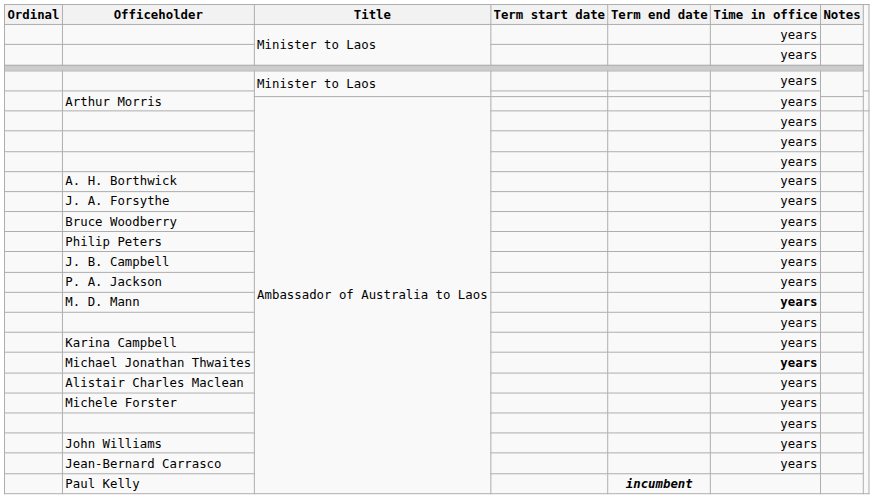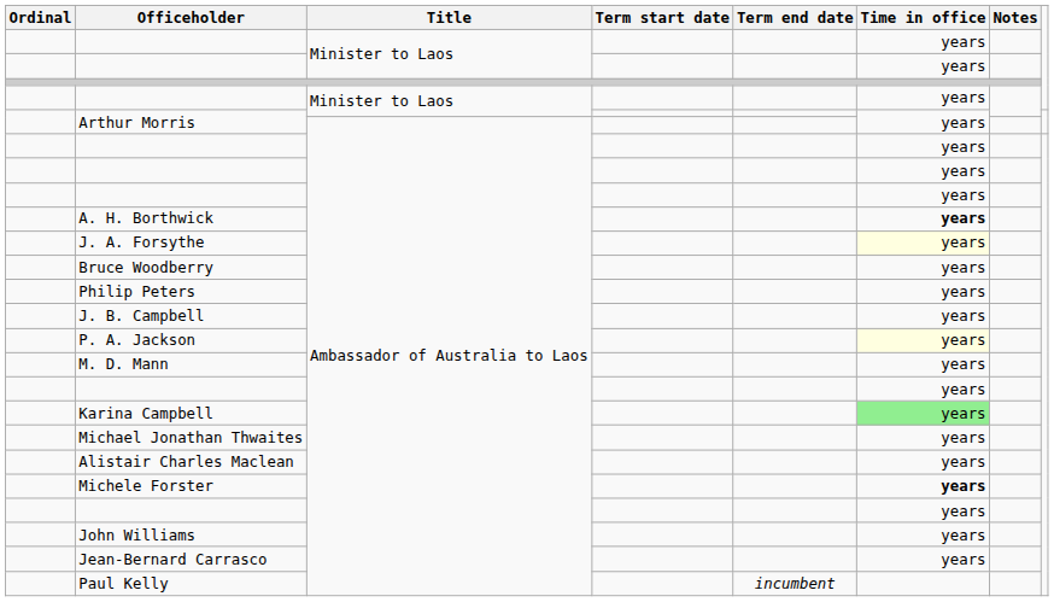 <table class='wikitable sortable'>
 <tr>
 <th>Ordinal</th>
 <th>Officeholder</th>
 <th>Title</th>
 <th>Term start date</th>
 <th>Term end date</th>
 <th>Time in office</th>
 <th>Notes</th>
 </tr>
 <tr>
 <td align=center></td>
 <td></td>
 <td rowspan=2>Minister to Laos</td>
 <td align=center></td>
 <td align=center></td>
 <td align=right> years</td>
 <td></td>
 </tr>
 <tr>
 <td align=center></td>
 <td></td>
 <td align=center></td>
 <td align=center></td>
 <td align=right> years</td>
 <td></td>
 </tr>
 <tr>
 <th colspan=7 style="background: #cccccc;"></th>
 </tr>
 <tr>
 <td align=center></td>
 <td></td>
 <td rowspan=2>Minister to Laos</td>
 <td align=center></td>
 <td align=center></td>
 <td align=right> years</td>
 <td rowspan=2></td>
 </tr>
 <tr>
 <td rowspan=2 align=center></td>
 <td rowspan=2>Arthur Morris</td>
 <td align=center></td>
 <td align=center></td>
 <td rowspan=2 align=right> years</td>
 <td rowspan=2></td>
 </tr>
 <tr>
 <td rowspan=20>Ambassador of Australia to Laos</td>
 <td align=center></td>
 <td align=center></td>
 </tr>
 <tr>
 <td align=center></td>
 <td></td>
 <td align=center></td>
 <td align=center></td>
 <td align=right> years</td>
 <td></td>
 </tr>
 <tr>
 <td align=center></td>
 <td></td>
 <td align=center></td>
 <td align=center></td>
 <td align=right> years</td>
 <td></td>
 </tr>
 <tr>
 <td align=center></td>
 <td></td>
 <td align=center></td>
 <td align=center></td>
 <td align=right> years</td>
 <td></td>
 </tr>
 <tr>
 <td align=center></td>
 <td>A. H. Borthwick</td>
 <td align=center></td>
 <td align=center></td>
-<td align=right> years</td>
+<td align=right><strong> years</strong></td>
 <td></td>
 </tr>
 <tr>
 <td align=center></td>
 <td>J. A. Forsythe</td>
 <td align=center></td>
 <td align=center></td>
-<td align=right> years</td>
+<td align=right style="background: lightyellow;"> years</td>
 <td></td>
 </tr>
 <tr>
 <td align=center></td>
 <td>Bruce Woodberry</td>
 <td align=center></td>
 <td align=center></td>
 <td align=right> years</td>
 <td></td>
 </tr>
 <tr>
 <td align=center></td>
 <td>Philip Peters</td>
 <td align=center></td>
 <td align=center></td>
 <td align=right> years</td>
 <td></td>
 </tr>
 <tr>
 <td align=center></td>
 <td>J. B. Campbell</td>
 <td align=center></td>
 <td align=center></td>
 <td align=right> years</td>
 <td></td>
 </tr>
 <tr>
 <td align=center></td>
 <td>P. A. Jackson</td>
 <td align=center></td>
 <td align=center></td>
-<td align=right> years</td>
+<td align=right style="background: lightyellow;"> years</td>
 <td></td>
 </tr>
 <tr>
 <td align=center></td>
 <td>M. D. Mann</td>
 <td align=center></td>
 <td align=center></td>
-<td align=right><strong> years</strong></td>
+<td align=right> years</td>
 <td></td>
 </tr>
 <tr>
 <td align=center></td>
 <td></td>
 <td align=center></td>
 <td align=center></td>
 <td align=right> years</td>
 <td></td>
 </tr>
 <tr>
 <td align=center></td>
 <td>Karina Campbell</td>
 <td align=center></td>
 <td align=center></td>
-<td align=right> years</td>
+<td align=right style="background: lightgreen;"> years</td>
 <td></td>
 </tr>
 <tr>
 <td align=center></td>
 <td>Michael Jonathan Thwaites</td>
 <td align=center></td>
 <td align=center></td>
-<td align=right><strong> years</strong></td>
+<td align=right> years</td>
 <td></td>
 </tr>
 <tr>
 <td align=center></td>
 <td>Alistair Charles Maclean</td>
 <td align=center></td>
 <td align=center></td>
 <td align=right> years</td>
 <td></td>
 </tr>
 <tr>
 <td align=center></td>
 <td>Michele Forster</td>
 <td align=center></td>
 <td align=center></td>
-<td align=right> years</td>
+<td align=right><strong> years</strong></td>
 <td></td>
 </tr>
 <tr>
 <td align=center></td>
 <td></td>
 <td align=center></td>
 <td align=center></td>
 <td align=right> years</td>
 <td></td>
 </tr>
 <tr>
 <td align=center></td>
 <td>John Williams</td>
 <td align=center></td>
 <td align=center></td>
 <td align=right> years</td>
 <td></td>
 </tr>
 <tr>
 <td align=center></td>
 <td>Jean-Bernard Carrasco</td>
 <td align=center></td>
 <td align=center></td>
 <td align=right> years</td>
 <td></td>
 </tr>
 <tr>
 <td align=center></td>
 <td>Paul Kelly</td>
 <td align=center></td>
-<td align=center><strong><em>incumbent</em></strong></td>
+<td align=center><em>incumbent</em></td>
 <td align=right></td>
 <td></td>
 </tr>
 </table>
